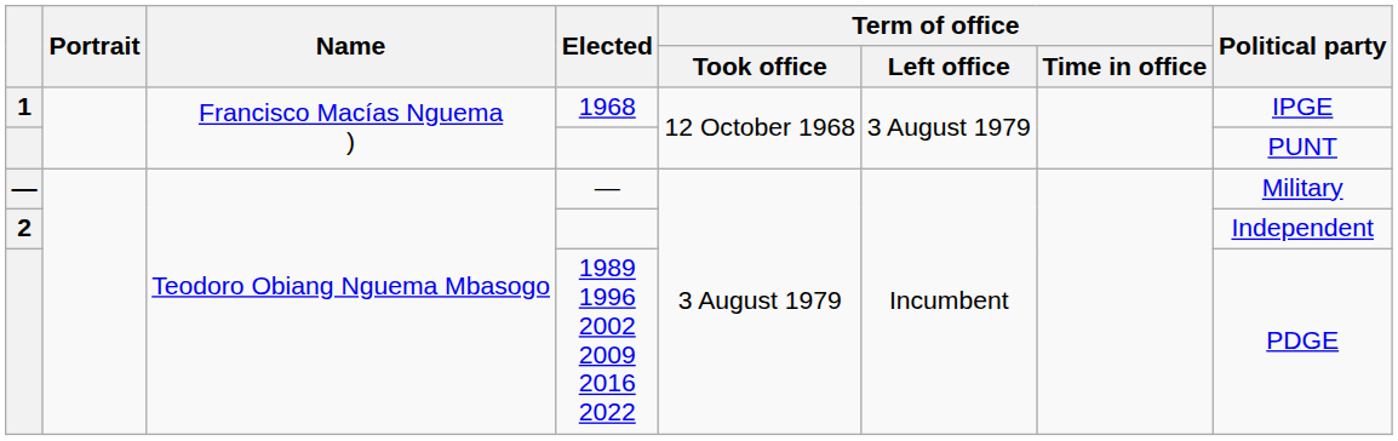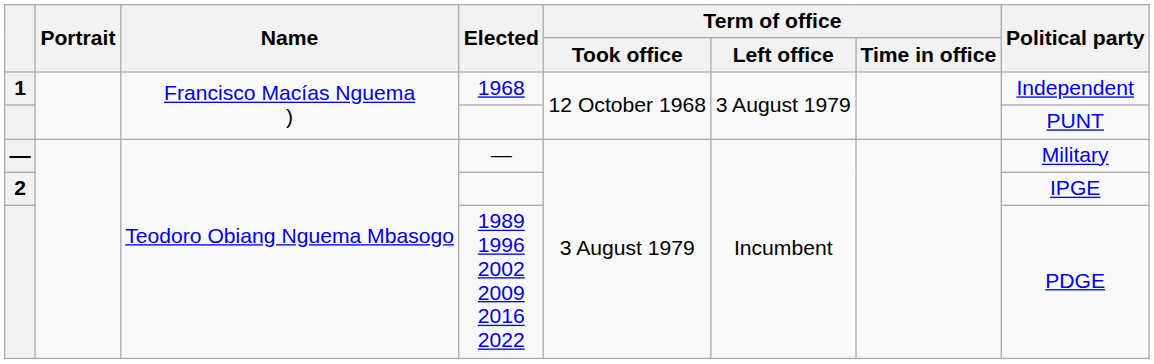 <table class="wikitable" style="text-align:center">
 <tr>
 <th rowspan="2"></th>
 <th rowspan="2">Portrait</th>
 <th rowspan="2">Name<br></th>
 <th rowspan="2">Elected</th>
 <th colspan="3">Term of office</th>
 <th rowspan="2">Political party</th>
 </tr>
 <tr>
 <th>Took office</th>
 <th>Left office</th>
 <th>Time in office</th>
 </tr>
 <tr>
 <th style="background:">1</th>
 <td rowspan="2"></td>
 <td rowspan="2"><a href='#'>Francisco Macías Nguema</a><br>)</td>
 <td><a href='#'>1968</a></td>
 <td rowspan="2">12 October 1968</td>
 <td rowspan="2">3 August 1979<br></td>
 <td rowspan="2"></td>
-<td><a href='#'>IPGE</a><br></td>
+<td><a href='#'>Independent</a><br></td>
 </tr>
 <tr>
 <th style="background:"></th>
 <td></td>
 <td><a href='#'>PUNT</a></td>
 </tr>
 <tr>
 <th style="background:">—</th>
 <td rowspan="3"></td>
 <td rowspan="3"><a href='#'>Teodoro Obiang Nguema Mbasogo</a><br><br></td>
 <td>—</td>
 <td rowspan="3">3 August 1979</td>
 <td rowspan="3">Incumbent</td>
 <td rowspan="3"></td>
 <td><a href='#'>Military</a><br></td>
 </tr>
 <tr>
 <th style="background:">2</th>
 <td></td>
-<td><a href='#'>Independent</a><br></td>
+<td><a href='#'>IPGE</a><br></td>
 </tr>
 <tr>
 <th style="background-color:"></th>
 <td><a href='#'>1989</a><br><a href='#'>1996</a><br><a href='#'>2002</a><br><a href='#'>2009</a><br><a href='#'>2016</a><br><a href='#'>2022</a></td>
 <td><a href='#'>PDGE</a></td>
 </tr>
 </table>
